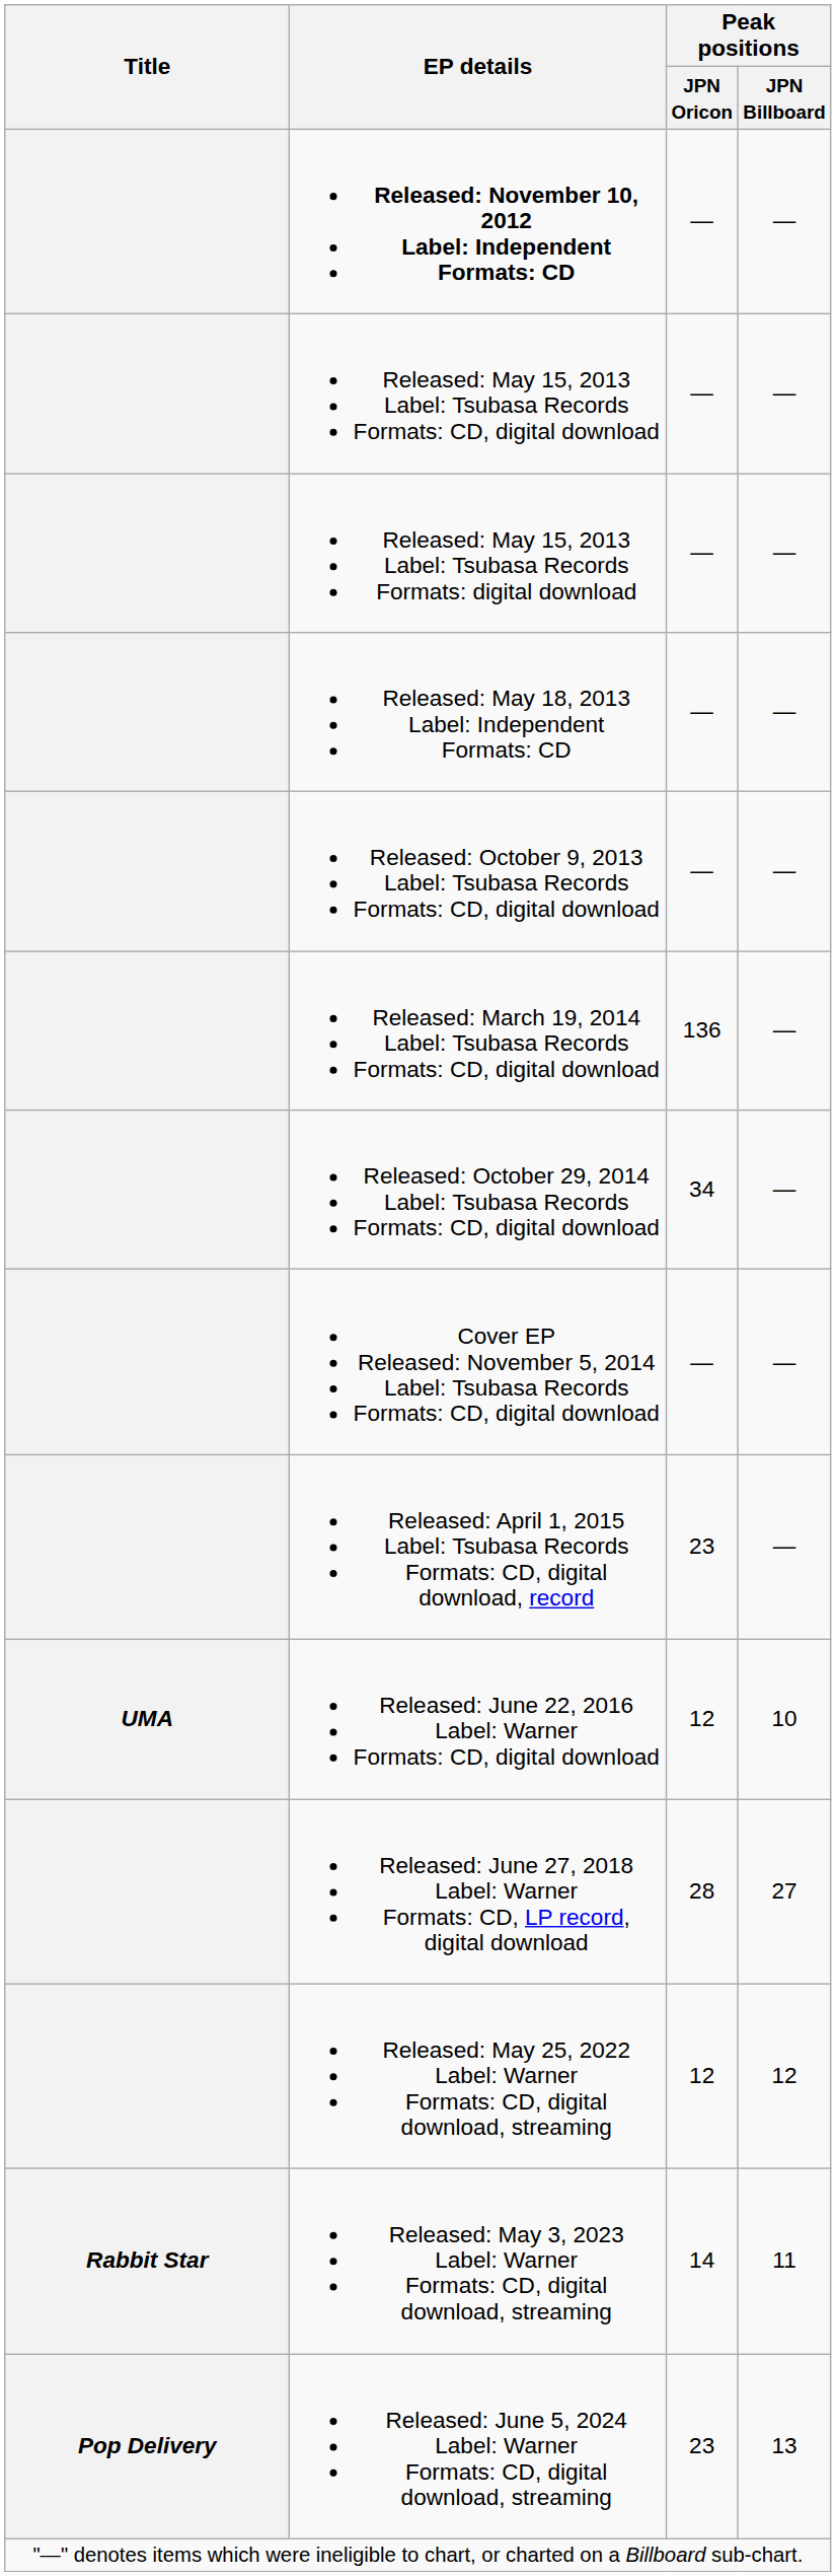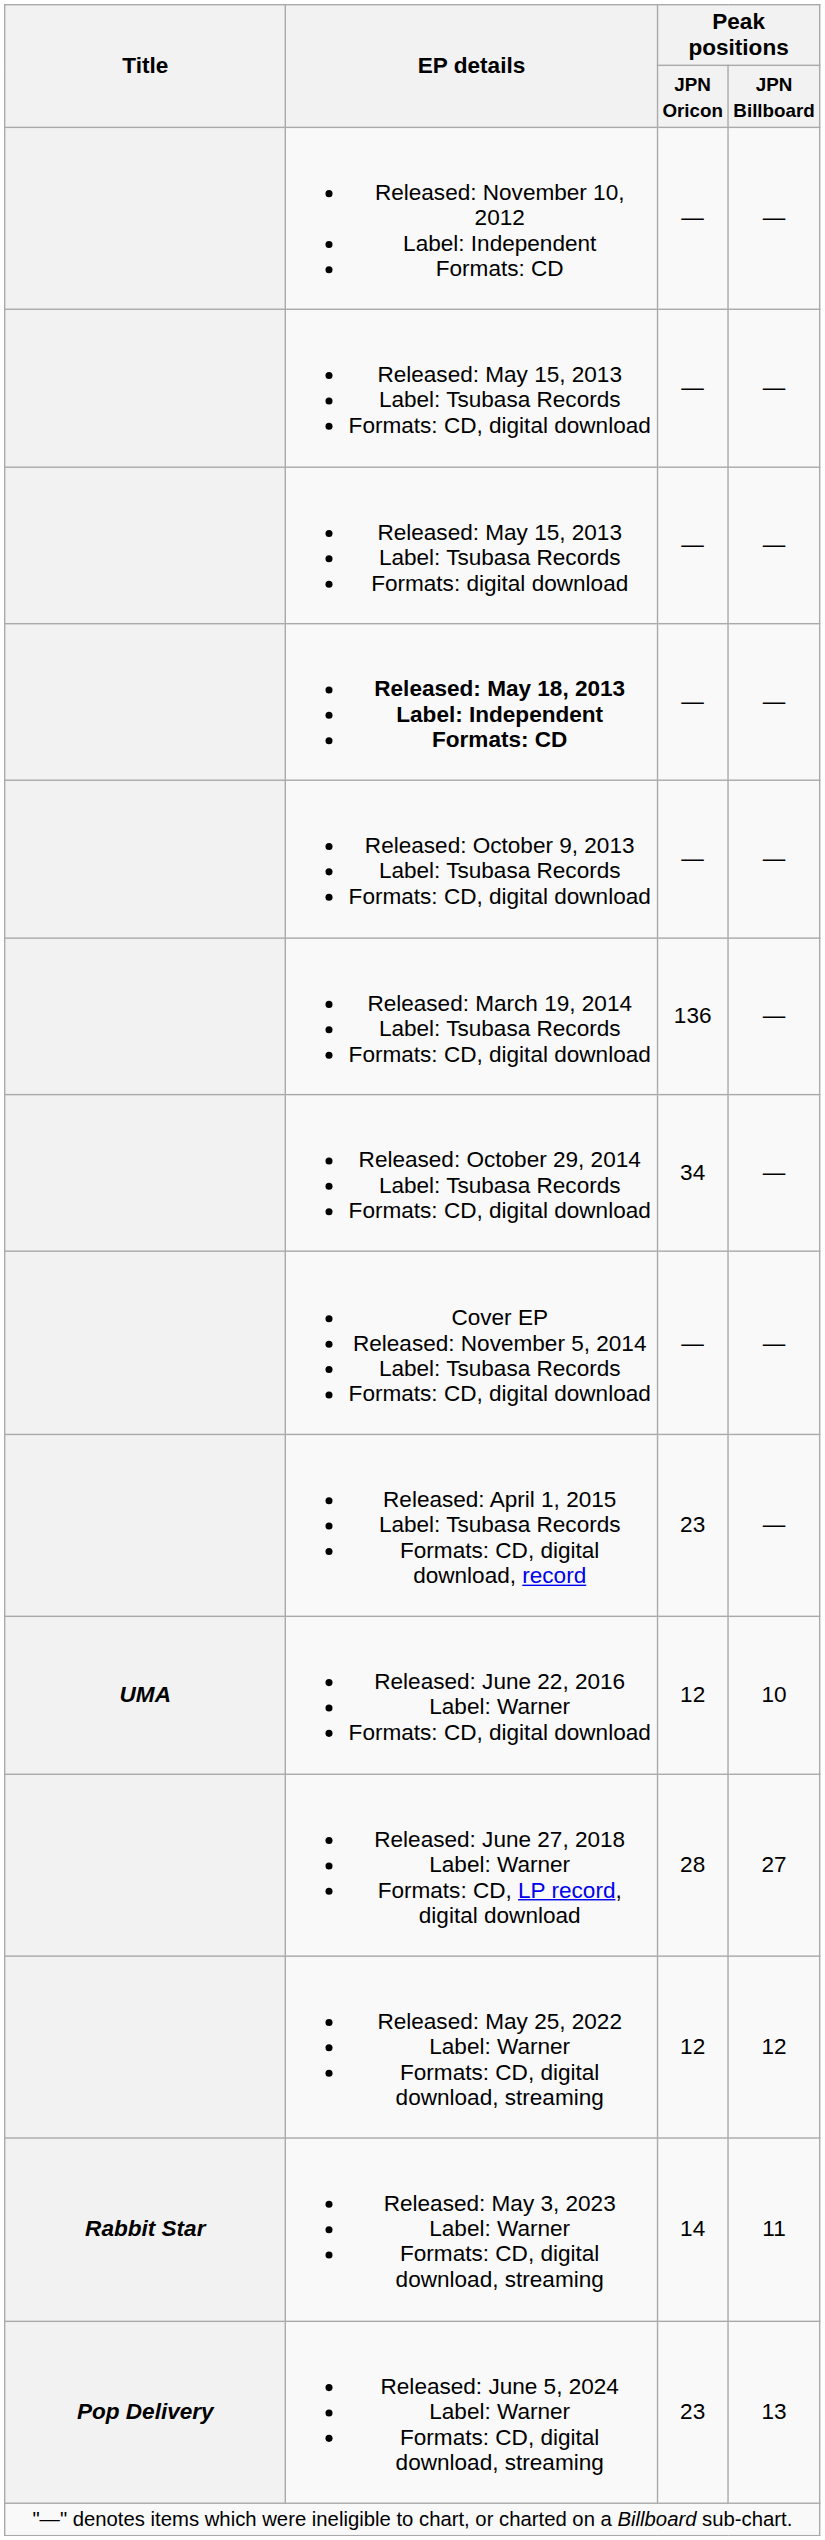 <table class="wikitable plainrowheaders" style="text-align:center;">
 <tr>
 <th style="width:12em;" rowspan="2">Title</th>
 <th style="width:16em;" rowspan="2">EP details</th>
 <th colspan="2">Peak positions</th>
 </tr>
 <tr>
 <th style="width:2.5em;"><small>JPN<br>Oricon</small><br></th>
 <th style="width:2.5em;"><small>JPN<br>Billboard</small><br></th>
 </tr>
 <tr>
 <th scope="row"></th>
-<td><strong><br><ul><li>Released: November 10, 2012</li><li>Label: Independent</li><li>Formats: CD</li></ul></strong></td>
+<td><br><ul><li>Released: November 10, 2012</li><li>Label: Independent</li><li>Formats: CD</li></ul></td>
 <td>—</td>
 <td>—</td>
 </tr>
 <tr>
 <th scope="row"></th>
 <td><br><ul><li>Released: May 15, 2013</li><li>Label: Tsubasa Records</li><li>Formats: CD, digital download</li></ul></td>
 <td>—</td>
 <td>—</td>
 </tr>
 <tr>
 <th scope="row"></th>
 <td><br><ul><li>Released: May 15, 2013</li><li>Label: Tsubasa Records</li><li>Formats: digital download</li></ul></td>
 <td>—</td>
 <td>—</td>
 </tr>
 <tr>
 <th scope="row"></th>
-<td><br><ul><li>Released: May 18, 2013</li><li>Label: Independent</li><li>Formats: CD</li></ul></td>
+<td><strong><br><ul><li>Released: May 18, 2013</li><li>Label: Independent</li><li>Formats: CD</li></ul></strong></td>
 <td>—</td>
 <td>—</td>
 </tr>
 <tr>
 <th scope="row"></th>
 <td><br><ul><li>Released: October 9, 2013</li><li>Label: Tsubasa Records</li><li>Formats: CD, digital download</li></ul></td>
 <td>—</td>
 <td>—</td>
 </tr>
 <tr>
 <th scope="row"></th>
 <td><br><ul><li>Released: March 19, 2014</li><li>Label: Tsubasa Records</li><li>Formats: CD, digital download</li></ul></td>
 <td>136</td>
 <td>—</td>
 </tr>
 <tr>
 <th scope="row"></th>
 <td><br><ul><li>Released: October 29, 2014</li><li>Label: Tsubasa Records</li><li>Formats: CD, digital download</li></ul></td>
 <td>34</td>
 <td>—</td>
 </tr>
 <tr>
 <th scope="row"></th>
 <td><br><ul><li>Cover EP</li><li>Released: November 5, 2014</li><li>Label: Tsubasa Records</li><li>Formats: CD, digital download</li></ul></td>
 <td>—</td>
 <td>—</td>
 </tr>
 <tr>
 <th scope="row"></th>
 <td><br><ul><li>Released: April 1, 2015</li><li>Label: Tsubasa Records</li><li>Formats: CD, digital download, <a href='#'>record</a></li></ul></td>
 <td>23</td>
 <td>—</td>
 </tr>
 <tr>
 <th scope="row"><em>UMA</em></th>
 <td><br><ul><li>Released: June 22, 2016</li><li>Label: Warner</li><li>Formats: CD, digital download</li></ul></td>
 <td>12</td>
 <td>10</td>
 </tr>
 <tr>
 <th scope="row"></th>
 <td><br><ul><li>Released: June 27, 2018</li><li>Label: Warner</li><li>Formats: CD, <a href='#'>LP record</a>, digital download</li></ul></td>
 <td>28</td>
 <td>27</td>
 </tr>
 <tr>
 <th scope="row"></th>
 <td><br><ul><li>Released: May 25, 2022</li><li>Label: Warner</li><li>Formats: CD, digital download, streaming</li></ul></td>
 <td>12</td>
 <td>12</td>
 </tr>
 <tr>
 <th scope="row"><em>Rabbit Star</em></th>
 <td><br><ul><li>Released: May 3, 2023</li><li>Label: Warner</li><li>Formats: CD, digital download, streaming</li></ul></td>
 <td>14</td>
 <td>11</td>
 </tr>
 <tr>
 <th scope="row"><em>Pop Delivery</em></th>
 <td><br><ul><li>Released: June 5, 2024</li><li>Label: Warner</li><li>Formats: CD, digital download, streaming</li></ul></td>
 <td>23</td>
 <td>13</td>
 </tr>
 <tr>
 <td colspan="12" align="center" style="font-size:90%;">"—" denotes items which were ineligible to chart, or charted on a <em>Billboard</em> sub-chart.</td>
 </tr>
 </table>
